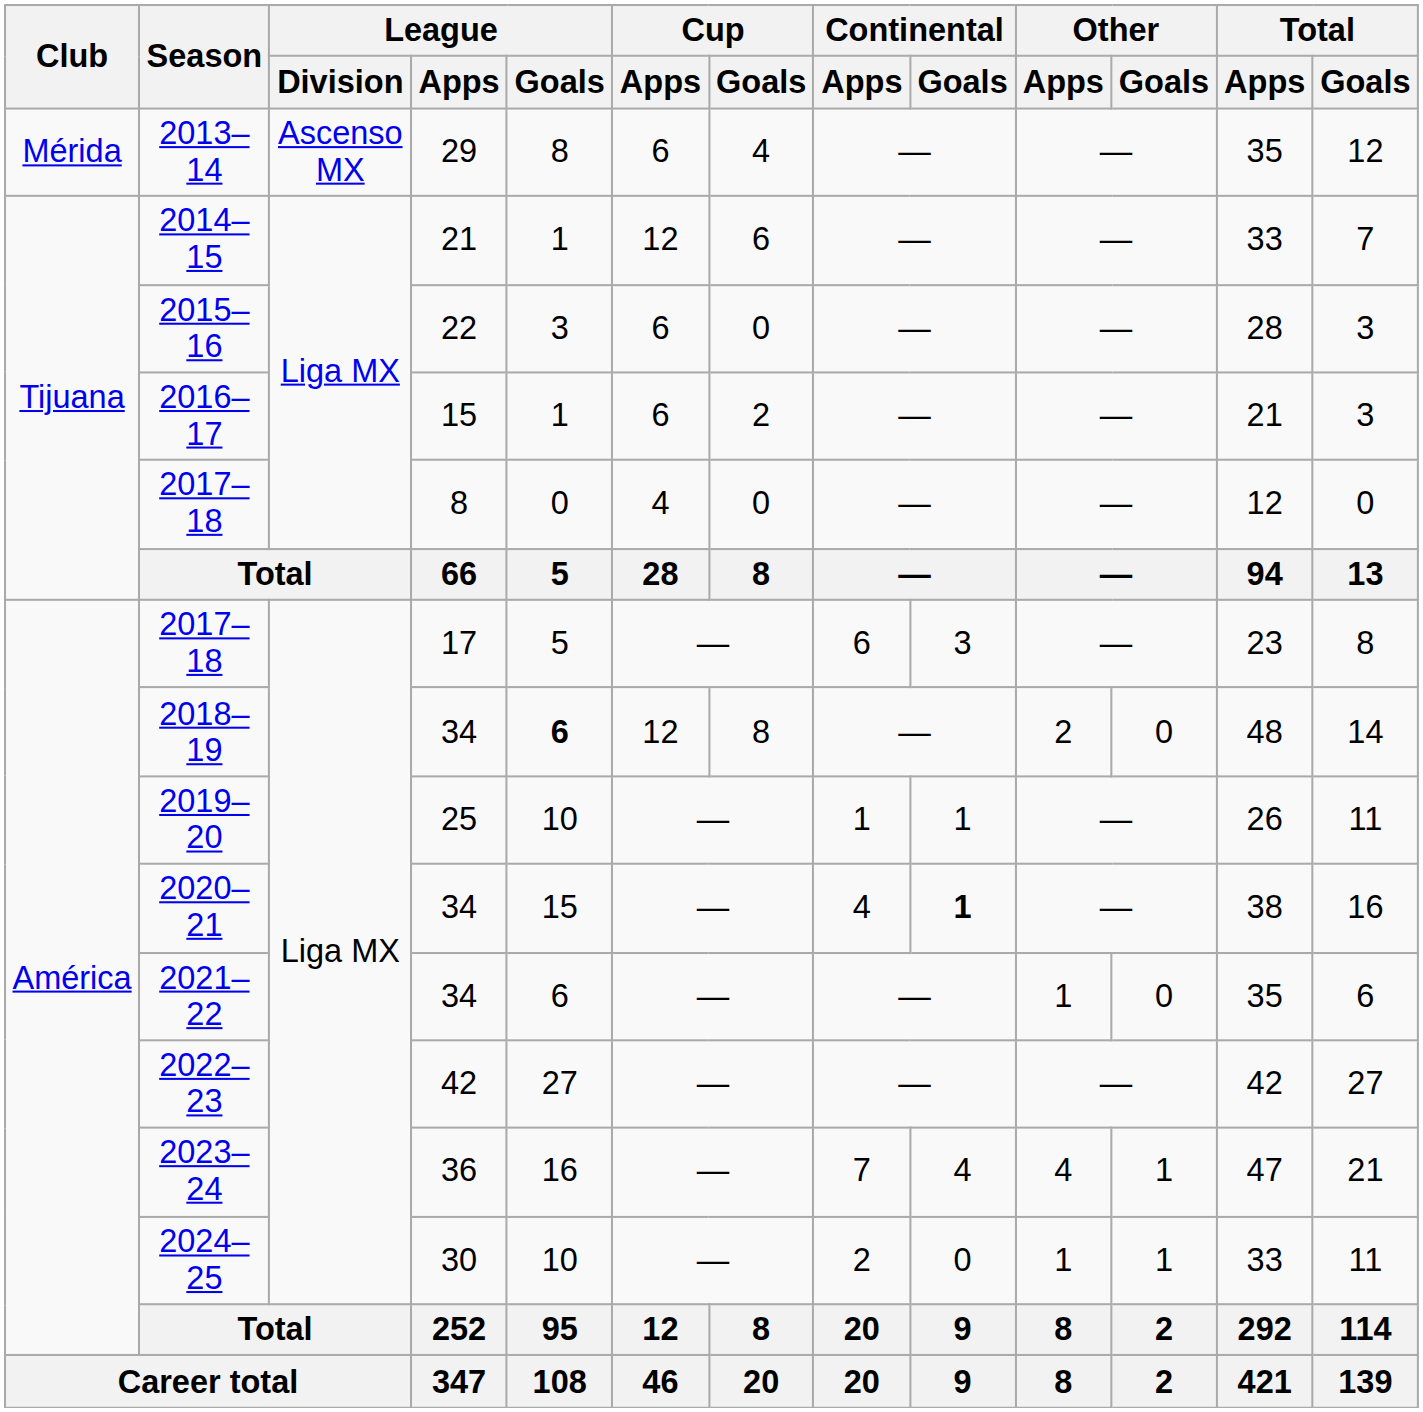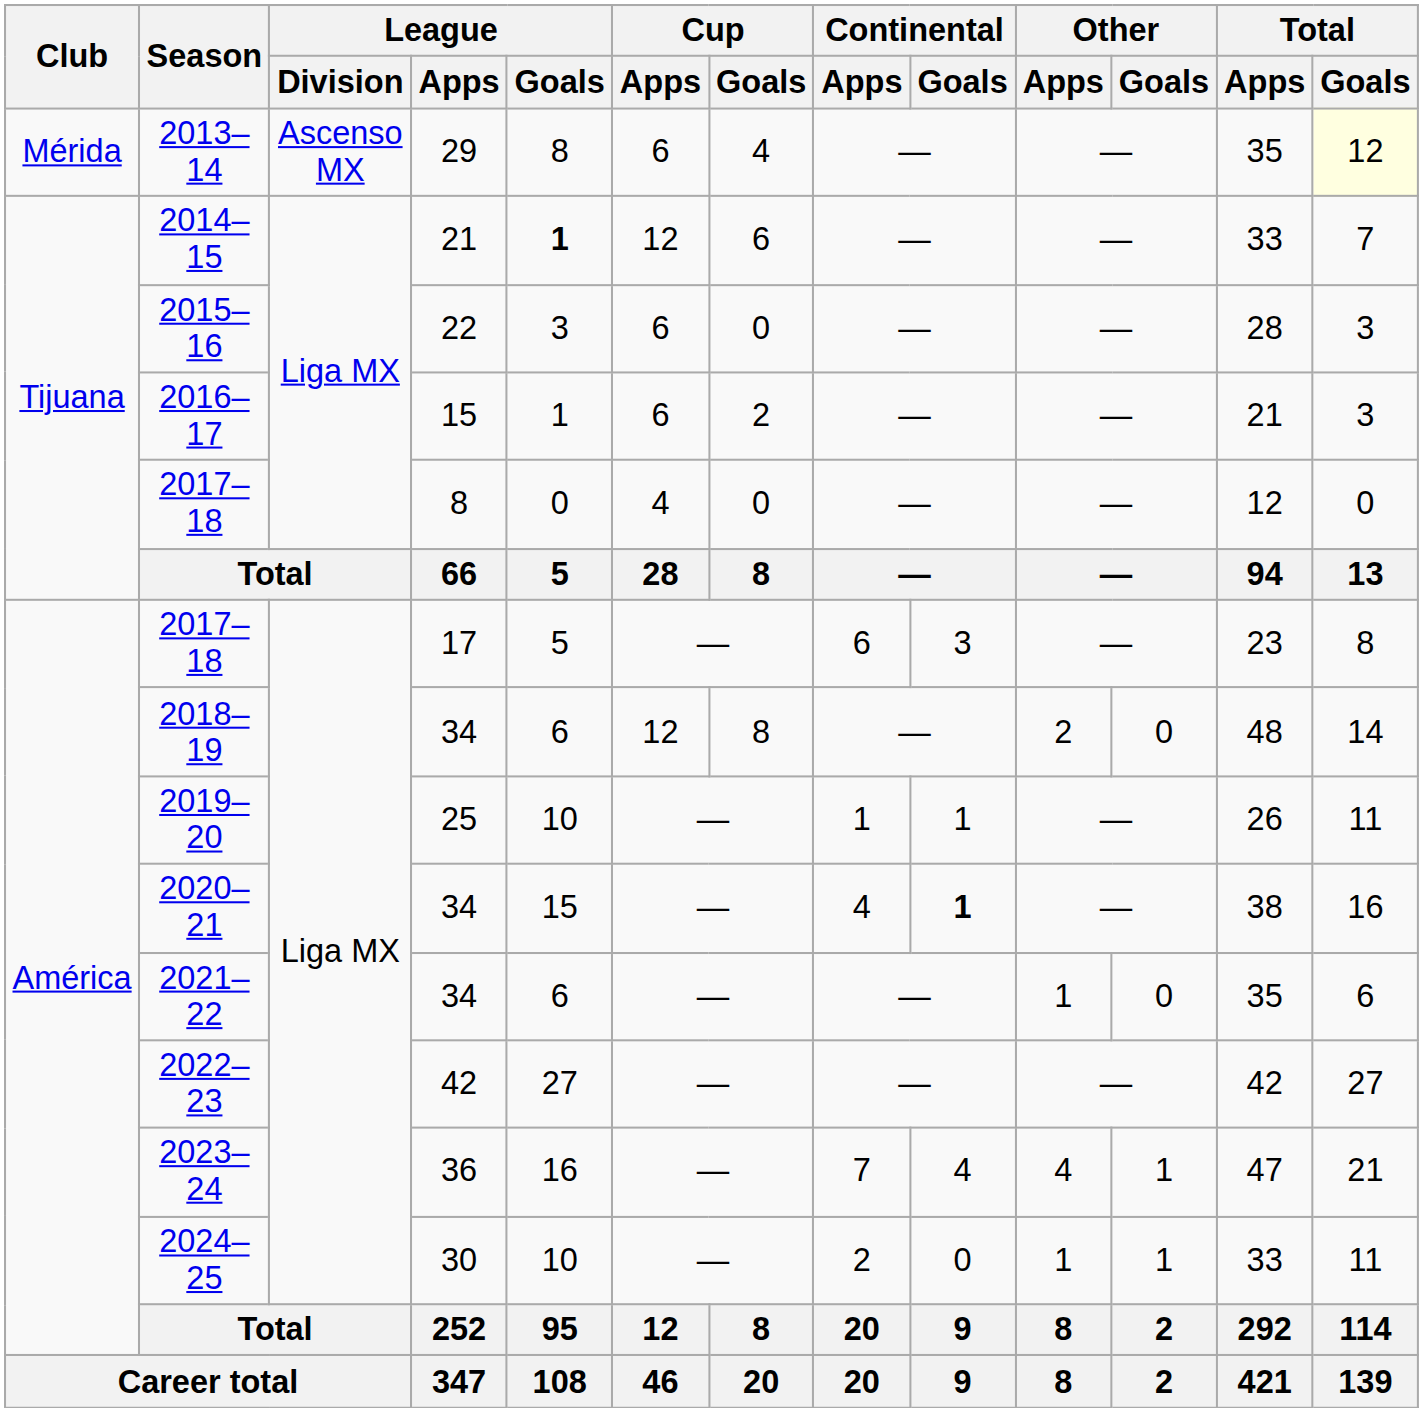 <table class="wikitable" style="text-align: center;">
 <tr>
 <th rowspan="2">Club</th>
 <th rowspan="2">Season</th>
 <th colspan="3">League</th>
 <th colspan="2">Cup</th>
 <th colspan="2">Continental</th>
 <th colspan="2">Other</th>
 <th colspan="2">Total</th>
 </tr>
 <tr>
 <th>Division</th>
 <th>Apps</th>
 <th>Goals</th>
 <th>Apps</th>
 <th>Goals</th>
 <th>Apps</th>
 <th>Goals</th>
 <th>Apps</th>
 <th>Goals</th>
 <th>Apps</th>
 <th>Goals</th>
 </tr>
 <tr>
 <td><a href='#'>Mérida</a></td>
 <td><a href='#'>2013–14</a></td>
 <td><a href='#'>Ascenso MX</a></td>
 <td>29</td>
 <td>8</td>
 <td>6</td>
 <td>4</td>
 <td colspan="2">—</td>
 <td colspan="2">—</td>
 <td>35</td>
-<td>12</td>
+<td style="background: lightyellow;">12</td>
 </tr>
 <tr>
 <td rowspan="5"><a href='#'>Tijuana</a></td>
 <td><a href='#'>2014–15</a></td>
 <td rowspan="4"><a href='#'>Liga MX</a></td>
 <td>21</td>
-<td>1</td>
+<td><strong>1</strong></td>
 <td>12</td>
 <td>6</td>
 <td colspan="2">—</td>
 <td colspan="2">—</td>
 <td>33</td>
 <td>7</td>
 </tr>
 <tr>
 <td><a href='#'>2015–16</a></td>
 <td>22</td>
 <td>3</td>
 <td>6</td>
 <td>0</td>
 <td colspan="2">—</td>
 <td colspan="2">—</td>
 <td>28</td>
 <td>3</td>
 </tr>
 <tr>
 <td><a href='#'>2016–17</a></td>
 <td>15</td>
 <td>1</td>
 <td>6</td>
 <td>2</td>
 <td colspan="2">—</td>
 <td colspan="2">—</td>
 <td>21</td>
 <td>3</td>
 </tr>
 <tr>
 <td><a href='#'>2017–18</a></td>
 <td>8</td>
 <td>0</td>
 <td>4</td>
 <td>0</td>
 <td colspan="2">—</td>
 <td colspan="2">—</td>
 <td>12</td>
 <td>0</td>
 </tr>
 <tr>
 <th colspan="2">Total</th>
 <th>66</th>
 <th>5</th>
 <th>28</th>
 <th>8</th>
 <th colspan="2">—</th>
 <th colspan="2">—</th>
 <th>94</th>
 <th>13</th>
 </tr>
 <tr>
 <td rowspan="9"><a href='#'>América</a></td>
 <td><a href='#'>2017–18</a></td>
 <td rowspan="8">Liga MX</td>
 <td>17</td>
 <td>5</td>
 <td colspan="2">—</td>
 <td>6</td>
 <td>3</td>
 <td colspan="2">—</td>
 <td>23</td>
 <td>8</td>
 </tr>
 <tr>
 <td><a href='#'>2018–19</a></td>
 <td>34</td>
-<td><strong>6</strong></td>
+<td>6</td>
 <td>12</td>
 <td>8</td>
 <td colspan="2">—</td>
 <td>2</td>
 <td>0</td>
 <td>48</td>
 <td>14</td>
 </tr>
 <tr>
 <td><a href='#'>2019–20</a></td>
 <td>25</td>
 <td>10</td>
 <td colspan="2">—</td>
 <td>1</td>
 <td>1</td>
 <td colspan="2">—</td>
 <td>26</td>
 <td>11</td>
 </tr>
 <tr>
 <td><a href='#'>2020–21</a></td>
 <td>34</td>
 <td>15</td>
 <td colspan="2">—</td>
 <td>4</td>
 <td><strong>1</strong></td>
 <td colspan="2">—</td>
 <td>38</td>
 <td>16</td>
 </tr>
 <tr>
 <td><a href='#'>2021–22</a></td>
 <td>34</td>
 <td>6</td>
 <td colspan="2">—</td>
 <td colspan="2">—</td>
 <td>1</td>
 <td>0</td>
 <td>35</td>
 <td>6</td>
 </tr>
 <tr>
 <td><a href='#'>2022–23</a></td>
 <td>42</td>
 <td>27</td>
 <td colspan="2">—</td>
 <td colspan="2">—</td>
 <td colspan="2">—</td>
 <td>42</td>
 <td>27</td>
 </tr>
 <tr>
 <td><a href='#'>2023–24</a></td>
 <td>36</td>
 <td>16</td>
 <td colspan="2">—</td>
 <td>7</td>
 <td>4</td>
 <td>4</td>
 <td>1</td>
 <td>47</td>
 <td>21</td>
 </tr>
 <tr>
 <td><a href='#'>2024–25</a></td>
 <td>30</td>
 <td>10</td>
 <td colspan="2">—</td>
 <td>2</td>
 <td>0</td>
 <td>1</td>
 <td>1</td>
 <td>33</td>
 <td>11</td>
 </tr>
 <tr>
 <th colspan="2">Total</th>
 <th>252</th>
 <th>95</th>
 <th>12</th>
 <th>8</th>
 <th>20</th>
 <th>9</th>
 <th>8</th>
 <th>2</th>
 <th>292</th>
 <th>114</th>
 </tr>
 <tr>
 <th colspan="3">Career total</th>
 <th>347</th>
 <th>108</th>
 <th>46</th>
 <th>20</th>
 <th>20</th>
 <th>9</th>
 <th>8</th>
 <th>2</th>
 <th>421</th>
 <th>139</th>
 </tr>
 </table>
